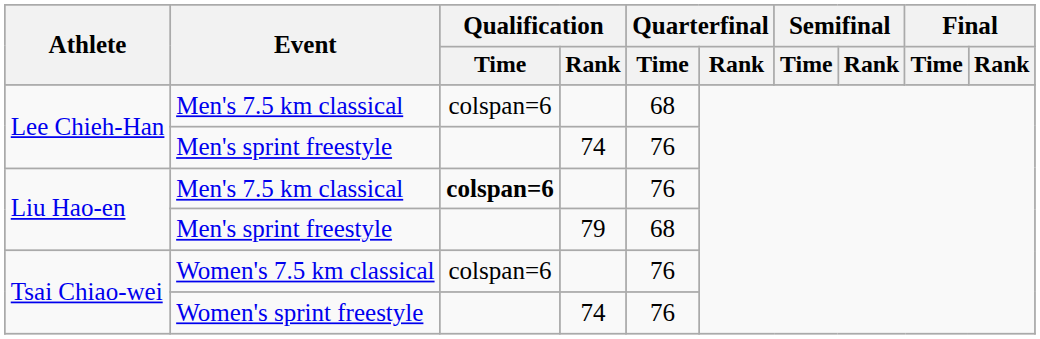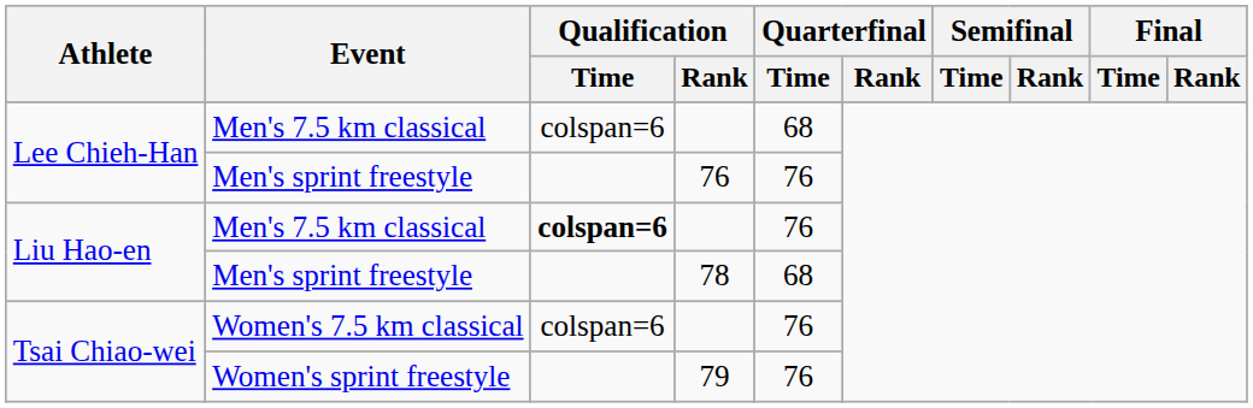 <table class="wikitable" style="font-size:90%">
 <tr>
 <th rowspan="2">Athlete</th>
 <th rowspan="2">Event</th>
 <th colspan="2">Qualification</th>
 <th colspan="2">Quarterfinal</th>
 <th colspan="2">Semifinal</th>
 <th colspan="2">Final</th>
 </tr>
 <tr style="font-size:95%">
 <th>Time</th>
 <th>Rank</th>
 <th>Time</th>
 <th>Rank</th>
 <th>Time</th>
 <th>Rank</th>
 <th>Time</th>
 <th>Rank</th>
 </tr>
 <tr align=center>
 <td align=left rowspan=2><a href='#'>Lee Chieh-Han</a></td>
 <td align=left><a href='#'>Men's 7.5 km classical</a></td>
 <td>colspan=6</td>
 <td></td>
 <td>68</td>
 </tr>
 <tr align=center>
 <td align=left><a href='#'>Men's sprint freestyle</a></td>
 <td></td>
-<td>74</td>
+<td>76</td>
 <td>76</td>
 </tr>
 <tr align=center>
 <td align=left rowspan=2><a href='#'>Liu Hao-en</a></td>
 <td align=left><a href='#'>Men's 7.5 km classical</a></td>
 <td><strong>colspan=6</strong></td>
 <td></td>
 <td>76</td>
 </tr>
 <tr align=center>
 <td align=left><a href='#'>Men's sprint freestyle</a></td>
 <td></td>
-<td>79</td>
+<td>78</td>
 <td>68</td>
 </tr>
 <tr align=center>
 <td align=left rowspan=2><a href='#'>Tsai Chiao-wei</a></td>
 <td align=left><a href='#'>Women's 7.5 km classical</a></td>
 <td>colspan=6</td>
 <td></td>
 <td>76</td>
 </tr>
 <tr align=center>
 <td align=left><a href='#'>Women's sprint freestyle</a></td>
 <td></td>
-<td>74</td>
+<td>79</td>
 <td>76</td>
 </tr>
 </table>
